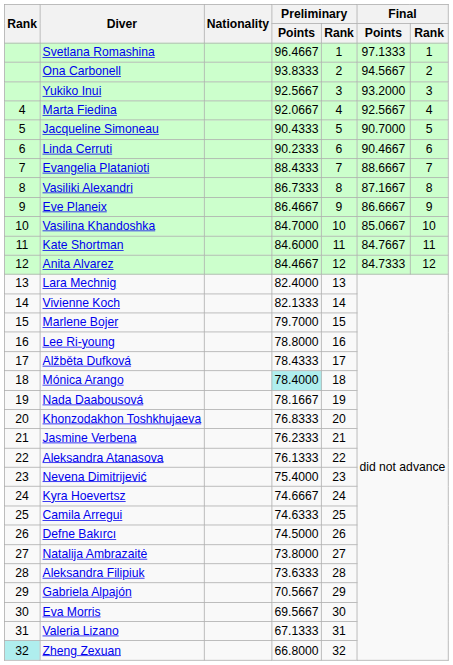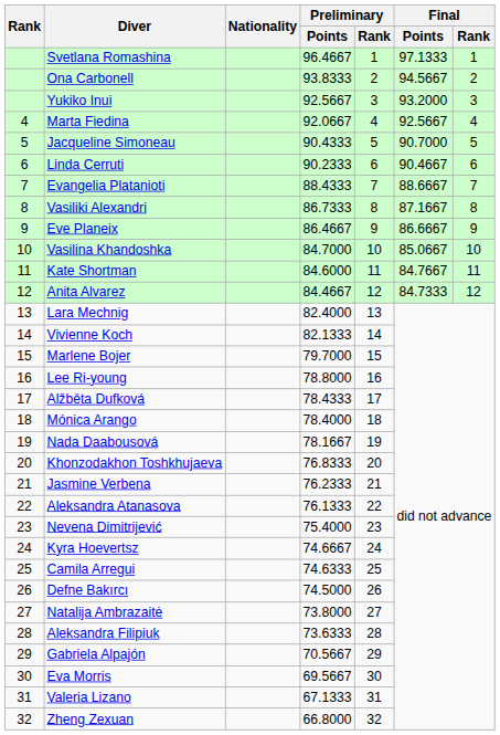 <table class="wikitable sortable" style="text-align:center">
 <tr>
 <th rowspan=2>Rank</th>
 <th rowspan=2>Diver</th>
 <th rowspan=2>Nationality</th>
 <th colspan=2>Preliminary</th>
 <th colspan=2>Final</th>
 </tr>
 <tr>
 <th>Points</th>
 <th>Rank</th>
 <th>Points</th>
 <th>Rank</th>
 </tr>
 <tr bgcolor=ccffcc>
 <td></td>
 <td align=left><a href='#'>Svetlana Romashina</a></td>
 <td align=left></td>
 <td>96.4667</td>
 <td>1</td>
 <td>97.1333</td>
 <td>1</td>
 </tr>
 <tr bgcolor=ccffcc>
 <td></td>
 <td align=left><a href='#'>Ona Carbonell</a></td>
 <td align=left></td>
 <td>93.8333</td>
 <td>2</td>
 <td>94.5667</td>
 <td>2</td>
 </tr>
 <tr bgcolor=ccffcc>
 <td></td>
 <td align=left><a href='#'>Yukiko Inui</a></td>
 <td align=left></td>
 <td>92.5667</td>
 <td>3</td>
 <td>93.2000</td>
 <td>3</td>
 </tr>
 <tr bgcolor=ccffcc>
 <td>4</td>
 <td align=left><a href='#'>Marta Fiedina</a></td>
 <td align=left></td>
 <td>92.0667</td>
 <td>4</td>
 <td>92.5667</td>
 <td>4</td>
 </tr>
 <tr bgcolor=ccffcc>
 <td>5</td>
 <td align=left><a href='#'>Jacqueline Simoneau</a></td>
 <td align=left></td>
 <td>90.4333</td>
 <td>5</td>
 <td>90.7000</td>
 <td>5</td>
 </tr>
 <tr bgcolor=ccffcc>
 <td>6</td>
 <td align=left><a href='#'>Linda Cerruti</a></td>
 <td align=left></td>
 <td>90.2333</td>
 <td>6</td>
 <td>90.4667</td>
 <td>6</td>
 </tr>
 <tr bgcolor=ccffcc>
 <td>7</td>
 <td align=left><a href='#'>Evangelia Platanioti</a></td>
 <td align=left></td>
 <td>88.4333</td>
 <td>7</td>
 <td>88.6667</td>
 <td>7</td>
 </tr>
 <tr bgcolor=ccffcc>
 <td>8</td>
 <td align=left><a href='#'>Vasiliki Alexandri</a></td>
 <td align=left></td>
 <td>86.7333</td>
 <td>8</td>
 <td>87.1667</td>
 <td>8</td>
 </tr>
 <tr bgcolor=ccffcc>
 <td>9</td>
 <td align=left><a href='#'>Eve Planeix</a></td>
 <td align=left></td>
 <td>86.4667</td>
 <td>9</td>
 <td>86.6667</td>
 <td>9</td>
 </tr>
 <tr bgcolor=ccffcc>
 <td>10</td>
 <td align=left><a href='#'>Vasilina Khandoshka</a></td>
 <td align=left></td>
 <td>84.7000</td>
 <td>10</td>
 <td>85.0667</td>
 <td>10</td>
 </tr>
 <tr bgcolor=ccffcc>
 <td>11</td>
 <td align=left><a href='#'>Kate Shortman</a></td>
 <td align=left></td>
 <td>84.6000</td>
 <td>11</td>
 <td>84.7667</td>
 <td>11</td>
 </tr>
 <tr bgcolor=ccffcc>
 <td>12</td>
 <td align=left><a href='#'>Anita Alvarez</a></td>
 <td align=left></td>
 <td>84.4667</td>
 <td>12</td>
 <td>84.7333</td>
 <td>12</td>
 </tr>
 <tr>
 <td>13</td>
 <td align=left><a href='#'>Lara Mechnig</a></td>
 <td align=left></td>
 <td>82.4000</td>
 <td>13</td>
 <td colspan=2 rowspan=20>did not advance</td>
 </tr>
 <tr>
 <td>14</td>
 <td align=left><a href='#'>Vivienne Koch</a></td>
 <td align=left></td>
 <td>82.1333</td>
 <td>14</td>
 </tr>
 <tr>
 <td>15</td>
 <td align=left><a href='#'>Marlene Bojer</a></td>
 <td align=left></td>
 <td>79.7000</td>
 <td>15</td>
 </tr>
 <tr>
 <td>16</td>
 <td align=left><a href='#'>Lee Ri-young</a></td>
 <td align=left></td>
 <td>78.8000</td>
 <td>16</td>
 </tr>
 <tr>
 <td>17</td>
 <td align=left><a href='#'>Alžběta Dufková</a></td>
 <td align=left></td>
 <td>78.4333</td>
 <td>17</td>
 </tr>
 <tr>
 <td>18</td>
 <td align=left><a href='#'>Mónica Arango</a></td>
 <td align=left></td>
-<td style="background: paleturquoise;">78.4000</td>
+<td>78.4000</td>
 <td>18</td>
 </tr>
 <tr>
 <td>19</td>
 <td align=left><a href='#'>Nada Daabousová</a></td>
 <td align=left></td>
 <td>78.1667</td>
 <td>19</td>
 </tr>
 <tr>
 <td>20</td>
 <td align=left><a href='#'>Khonzodakhon Toshkhujaeva</a></td>
 <td align=left></td>
 <td>76.8333</td>
 <td>20</td>
 </tr>
 <tr>
 <td>21</td>
 <td align=left><a href='#'>Jasmine Verbena</a></td>
 <td align=left></td>
 <td>76.2333</td>
 <td>21</td>
 </tr>
 <tr>
 <td>22</td>
 <td align=left><a href='#'>Aleksandra Atanasova</a></td>
 <td align=left></td>
 <td>76.1333</td>
 <td>22</td>
 </tr>
 <tr>
 <td>23</td>
 <td align=left><a href='#'>Nevena Dimitrijević</a></td>
 <td align=left></td>
 <td>75.4000</td>
 <td>23</td>
 </tr>
 <tr>
 <td>24</td>
 <td align=left><a href='#'>Kyra Hoevertsz</a></td>
 <td align=left></td>
 <td>74.6667</td>
 <td>24</td>
 </tr>
 <tr>
 <td>25</td>
 <td align=left><a href='#'>Camila Arregui</a></td>
 <td align=left></td>
 <td>74.6333</td>
 <td>25</td>
 </tr>
 <tr>
 <td>26</td>
 <td align=left><a href='#'>Defne Bakırcı</a></td>
 <td align=left></td>
 <td>74.5000</td>
 <td>26</td>
 </tr>
 <tr>
 <td>27</td>
 <td align=left><a href='#'>Natalija Ambrazaitė</a></td>
 <td align=left></td>
 <td>73.8000</td>
 <td>27</td>
 </tr>
 <tr>
 <td>28</td>
 <td align=left><a href='#'>Aleksandra Filipiuk</a></td>
 <td align=left></td>
 <td>73.6333</td>
 <td>28</td>
 </tr>
 <tr>
 <td>29</td>
 <td align=left><a href='#'>Gabriela Alpajón</a></td>
 <td align=left></td>
 <td>70.5667</td>
 <td>29</td>
 </tr>
 <tr>
 <td>30</td>
 <td align=left><a href='#'>Eva Morris</a></td>
 <td align=left></td>
 <td>69.5667</td>
 <td>30</td>
 </tr>
 <tr>
 <td>31</td>
 <td align=left><a href='#'>Valeria Lizano</a></td>
 <td align=left></td>
 <td>67.1333</td>
 <td>31</td>
 </tr>
 <tr>
-<td style="background: paleturquoise;">32</td>
+<td>32</td>
 <td align=left><a href='#'>Zheng Zexuan</a></td>
 <td align=left></td>
 <td>66.8000</td>
 <td>32</td>
 </tr>
 </table>
